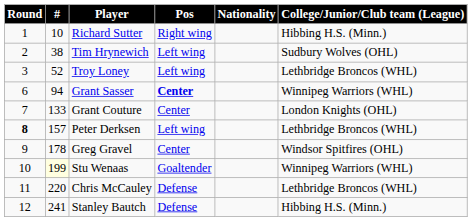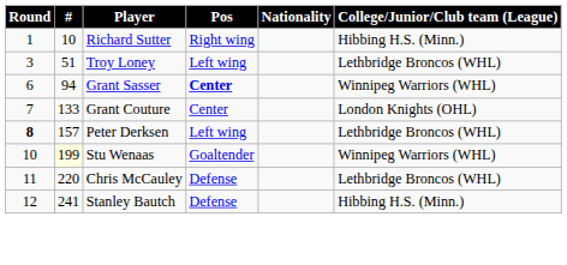 <table class="wikitable">
 <tr>
 <th style="color:white; background:#000000; ">Round</th>
 <th style="color:white; background:#000000; ">#</th>
 <th style="color:white; background:#000000; ">Player</th>
 <th style="color:white; background:#000000; ">Pos</th>
 <th style="color:white; background:#000000; ">Nationality</th>
 <th style="color:white; background:#000000; ">College/Junior/Club team (League)</th>
 </tr>
 <tr>
 <td align=center>1</td>
 <td align=center>10</td>
 <td><a href='#'>Richard Sutter</a></td>
 <td><a href='#'>Right wing</a></td>
 <td></td>
 <td>Hibbing H.S. (Minn.)</td>
 </tr>
 <tr>
-<td align=center>2</td>
-<td align=center>38</td>
-<td><a href='#'>Tim Hrynewich</a></td>
-<td><a href='#'>Left wing</a></td>
-<td></td>
-<td>Sudbury Wolves (OHL)</td>
-</tr>
-<tr>
 <td align=center>3</td>
-<td align=center>52</td>
+<td align=center>51</td>
 <td><a href='#'>Troy Loney</a></td>
 <td><a href='#'>Left wing</a></td>
 <td></td>
 <td>Lethbridge Broncos (WHL)</td>
 </tr>
 <tr>
 <td align=center>6</td>
 <td align=center>94</td>
 <td><a href='#'>Grant Sasser</a></td>
 <td><strong><a href='#'>Center</a></strong></td>
 <td></td>
 <td>Winnipeg Warriors (WHL)</td>
 </tr>
 <tr>
 <td align=center>7</td>
 <td align=center>133</td>
 <td>Grant Couture</td>
 <td><a href='#'>Center</a></td>
 <td></td>
 <td>London Knights (OHL)</td>
 </tr>
 <tr>
 <td align=center><strong>8</strong></td>
 <td align=center>157</td>
 <td>Peter Derksen</td>
 <td><a href='#'>Left wing</a></td>
 <td></td>
 <td>Lethbridge Broncos (WHL)</td>
 </tr>
 <tr>
-<td align=center>9</td>
-<td align=center>178</td>
-<td>Greg Gravel</td>
-<td><a href='#'>Center</a></td>
-<td></td>
-<td>Windsor Spitfires (OHL)</td>
-</tr>
-<tr>
 <td align=center>10</td>
 <td align=center style="background: lightyellow;">199</td>
 <td>Stu Wenaas</td>
 <td><a href='#'>Goaltender</a></td>
 <td></td>
 <td>Winnipeg Warriors (WHL)</td>
 </tr>
 <tr>
 <td align=center>11</td>
 <td align=center>220</td>
 <td>Chris McCauley</td>
 <td><a href='#'>Defense</a></td>
 <td></td>
 <td>Lethbridge Broncos (WHL)</td>
 </tr>
 <tr>
 <td align=center>12</td>
 <td align=center>241</td>
 <td>Stanley Bautch</td>
 <td><a href='#'>Defense</a></td>
 <td></td>
 <td>Hibbing H.S. (Minn.)</td>
 </tr>
 </table>
